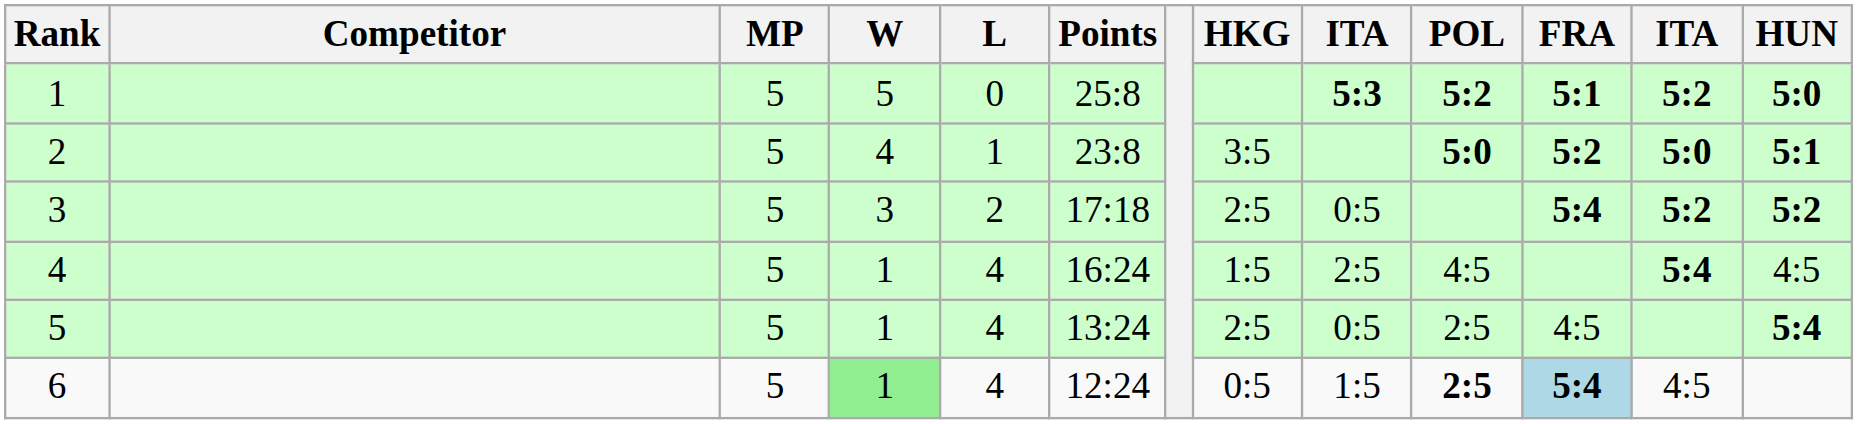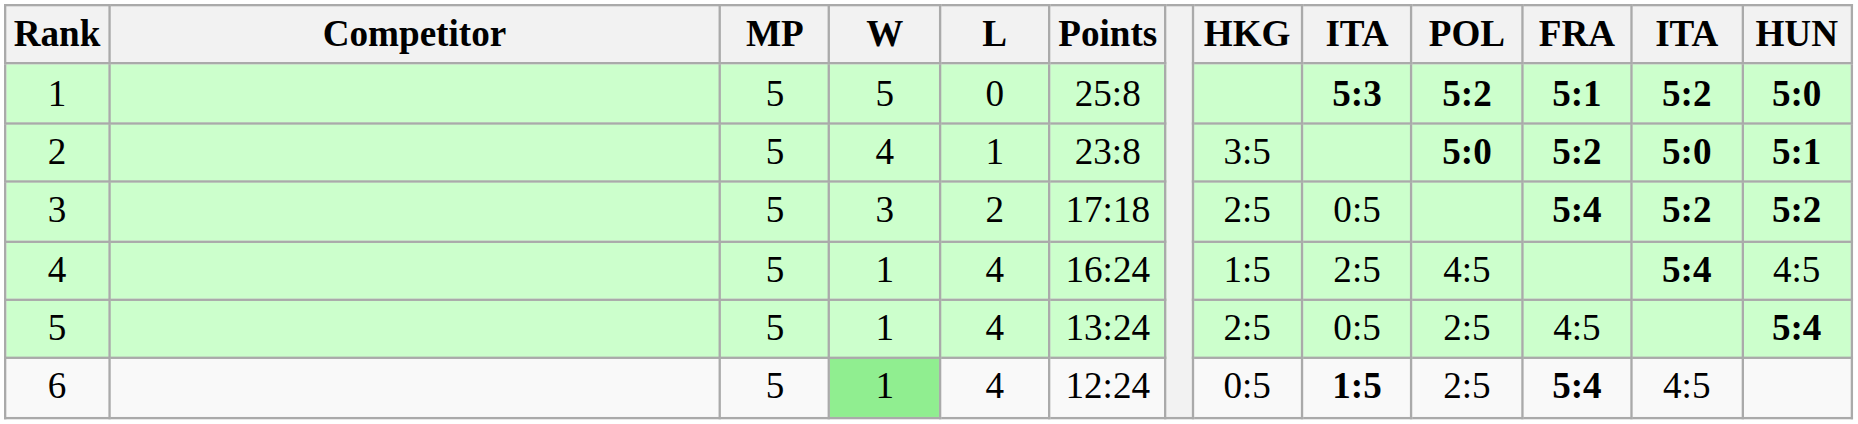 <table class="wikitable" style="text-align:center">
 <tr>
 <th>Rank</th>
 <th style="width:16em">Competitor</th>
 <th style="width:2.5em">MP</th>
 <th style="width:2.5em">W</th>
 <th style="width:2.5em">L</th>
 <th>Points</th>
 <th rowspan="7"> </th>
 <th style="width:2.5em">HKG</th>
 <th style="width:2.5em">ITA</th>
 <th style="width:2.5em">POL</th>
 <th style="width:2.5em">FRA</th>
 <th style="width:2.5em">ITA</th>
 <th style="width:2.5em">HUN</th>
 </tr>
 <tr style="background:#cfc;">
 <td>1</td>
 <td style="text-align:left"></td>
 <td>5</td>
 <td>5</td>
 <td>0</td>
 <td>25:8</td>
 <td></td>
 <td><strong>5:3</strong></td>
 <td><strong>5:2</strong></td>
 <td><strong>5:1</strong></td>
 <td><strong>5:2</strong></td>
 <td><strong>5:0</strong></td>
 </tr>
 <tr style="background:#cfc;">
 <td>2</td>
 <td style="text-align:left"></td>
 <td>5</td>
 <td>4</td>
 <td>1</td>
 <td>23:8</td>
 <td>3:5</td>
 <td></td>
 <td><strong>5:0</strong></td>
 <td><strong>5:2</strong></td>
 <td><strong>5:0</strong></td>
 <td><strong>5:1</strong></td>
 </tr>
 <tr style="background:#cfc;">
 <td>3</td>
 <td style="text-align:left"></td>
 <td>5</td>
 <td>3</td>
 <td>2</td>
 <td>17:18</td>
 <td>2:5</td>
 <td>0:5</td>
 <td></td>
 <td><strong>5:4</strong></td>
 <td><strong>5:2</strong></td>
 <td><strong>5:2</strong></td>
 </tr>
 <tr style="background:#cfc;">
 <td>4</td>
 <td style="text-align:left"></td>
 <td>5</td>
 <td>1</td>
 <td>4</td>
 <td>16:24</td>
 <td>1:5</td>
 <td>2:5</td>
 <td>4:5</td>
 <td></td>
 <td><strong>5:4</strong></td>
 <td>4:5</td>
 </tr>
 <tr style="background:#cfc;">
 <td>5</td>
 <td style="text-align:left"></td>
 <td>5</td>
 <td>1</td>
 <td>4</td>
 <td>13:24</td>
 <td>2:5</td>
 <td>0:5</td>
 <td>2:5</td>
 <td>4:5</td>
 <td></td>
 <td><strong>5:4</strong></td>
 </tr>
 <tr>
 <td>6</td>
 <td style="text-align:left"></td>
 <td>5</td>
 <td style="background: lightgreen;">1</td>
 <td>4</td>
 <td>12:24</td>
 <td>0:5</td>
-<td>1:5</td>
-<td><strong>2:5</strong></td>
-<td style="background: lightblue;"><strong>5:4</strong></td>
+<td><strong>1:5</strong></td>
+<td>2:5</td>
+<td><strong>5:4</strong></td>
 <td>4:5</td>
 <td></td>
 </tr>
 </table>
